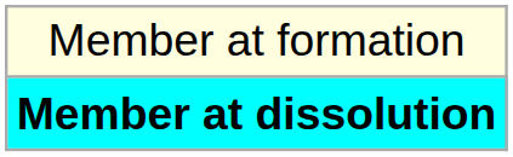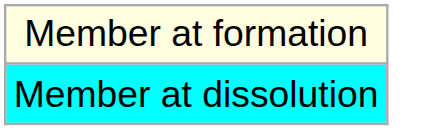 <table class="wikitable sortable" style="text-align:center">
 <tr>
 <td bgcolor=lightyellow>Member at formation</td>
 </tr>
 <tr>
-<td bgcolor=cyan><strong>Member at dissolution</strong></td>
+<td bgcolor=cyan>Member at dissolution</td>
 </tr>
 </table>
